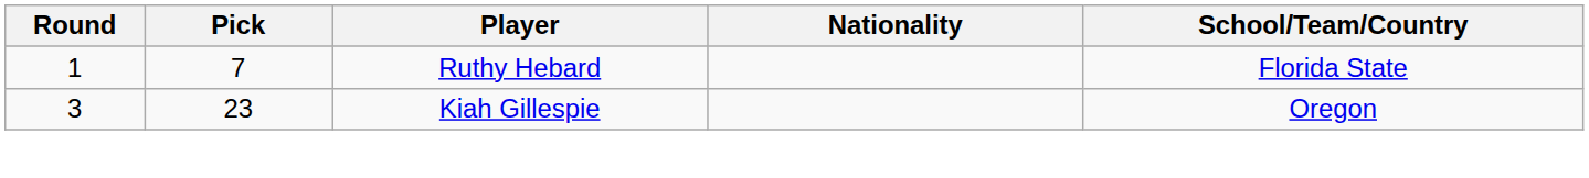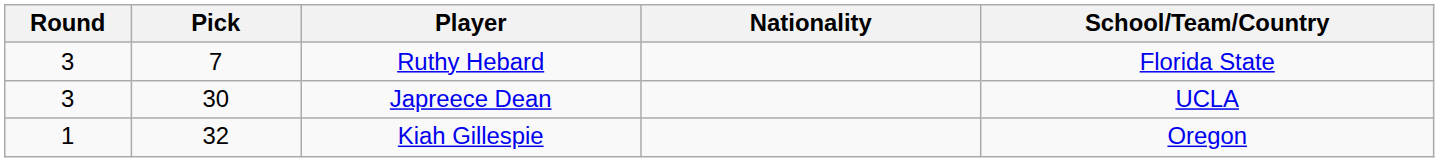 <table class="wikitable" style="text-align:center; width:60em">
 <tr>
 <th width="2%">Round</th>
 <th width="5%">Pick</th>
 <th width="10%">Player</th>
 <th width="10%">Nationality</th>
 <th width="10%">School/Team/Country</th>
 </tr>
 <tr>
-<td>1</td>
+<td>3</td>
 <td>7</td>
 <td><a href='#'>Ruthy Hebard</a></td>
 <td></td>
 <td><a href='#'>Florida State</a></td>
 </tr>
 <tr>
 <td>3</td>
-<td>23</td>
+<td>30</td>
+<td><a href='#'>Japreece Dean</a></td>
+<td></td>
+<td><a href='#'>UCLA</a></td>
+</tr>
+<tr>
+<td>1</td>
+<td>32</td>
 <td><a href='#'>Kiah Gillespie</a></td>
 <td></td>
 <td><a href='#'>Oregon</a></td>
 </tr>
 </table>
